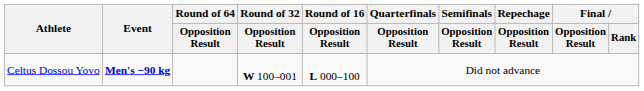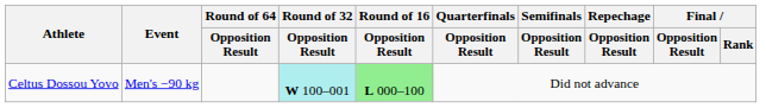 <table class="wikitable" style="font-size:90%">
 <tr>
 <th rowspan="2">Athlete</th>
 <th rowspan="2">Event</th>
 <th>Round of 64</th>
 <th>Round of 32</th>
 <th>Round of 16</th>
 <th>Quarterfinals</th>
 <th>Semifinals</th>
 <th>Repechage</th>
 <th colspan=2>Final / </th>
 </tr>
 <tr style="font-size:95%">
 <th>Opposition<br>Result</th>
 <th>Opposition<br>Result</th>
 <th>Opposition<br>Result</th>
 <th>Opposition<br>Result</th>
 <th>Opposition<br>Result</th>
 <th>Opposition<br>Result</th>
 <th>Opposition<br>Result</th>
 <th>Rank</th>
 </tr>
 <tr align=center>
 <td align=left><a href='#'>Celtus Dossou Yovo</a></td>
-<td align=left><strong><a href='#'>Men's −90 kg</a></strong></td>
+<td align=left><a href='#'>Men's −90 kg</a></td>
 <td></td>
-<td><br><strong>W</strong> 100–001</td>
-<td><br><strong>L</strong> 000–100</td>
+<td style="background: paleturquoise;"><br><strong>W</strong> 100–001</td>
+<td style="background: lightgreen;"><br><strong>L</strong> 000–100</td>
 <td colspan=5>Did not advance</td>
 </tr>
 </table>
